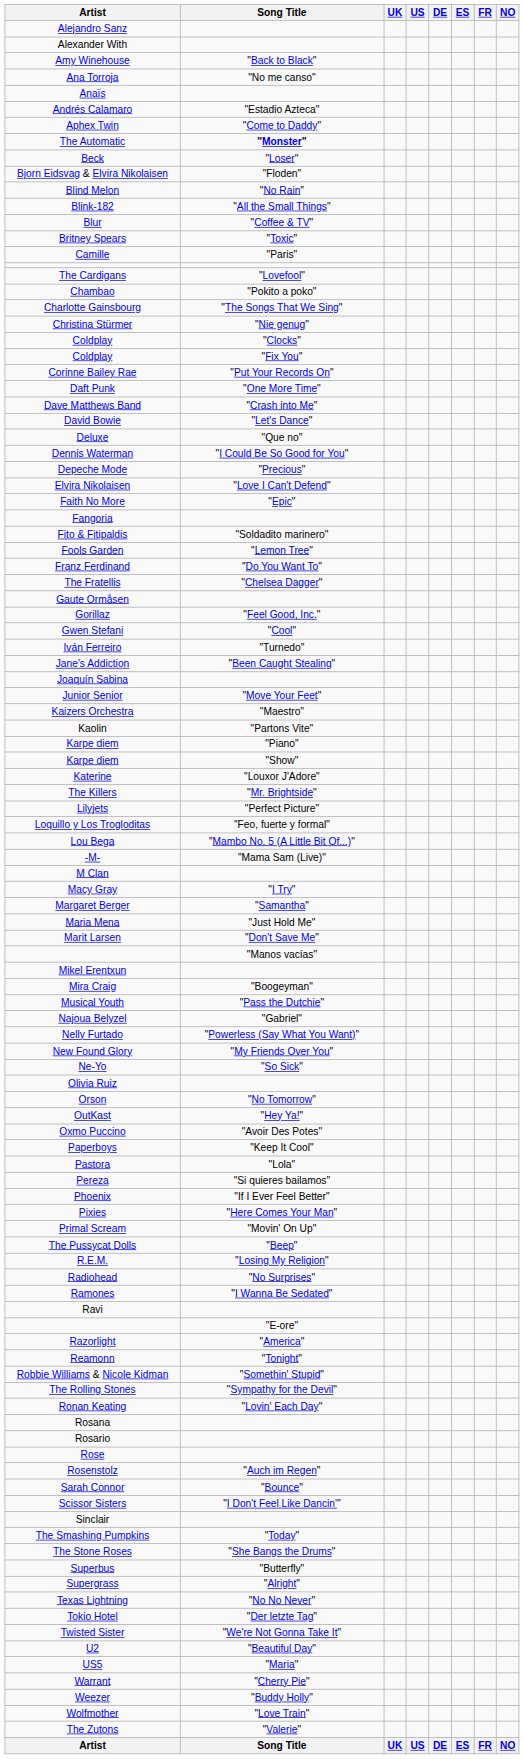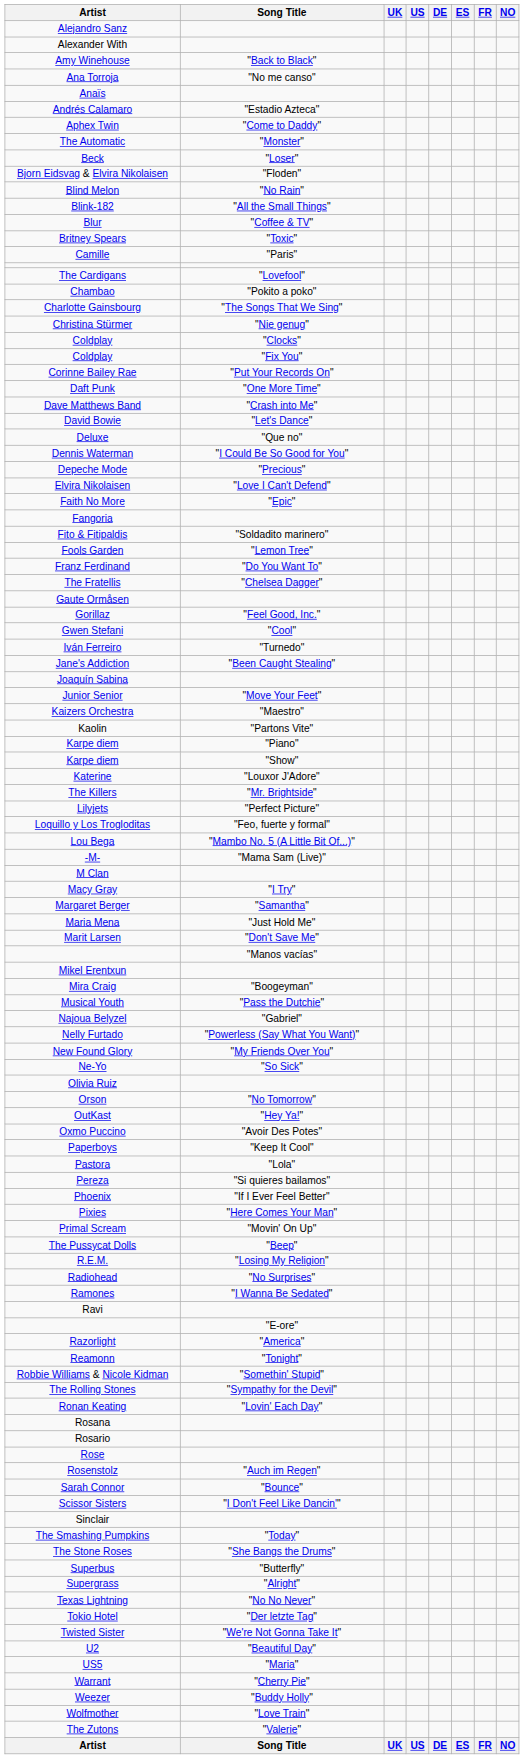 <table class="wikitable sortable" style="font-size:90%; text-align:center; margin: 5px;">
 <tr>
 <th width=240px>Artist</th>
 <th width=280px>Song Title</th>
 <th width=25px><a href='#'>UK</a></th>
 <th width=25px><a href='#'>US</a></th>
 <th width=25px><a href='#'>DE</a></th>
 <th width=25px><a href='#'>ES</a></th>
 <th width=25px><a href='#'>FR</a></th>
 <th width=25px><a href='#'>NO</a></th>
 </tr>
 <tr>
 <td><a href='#'>Alejandro Sanz</a></td>
 <td></td>
 <td></td>
 <td></td>
 <td></td>
 <td></td>
 <td></td>
 <td></td>
 </tr>
 <tr>
 <td>Alexander With</td>
 <td></td>
 <td></td>
 <td></td>
 <td></td>
 <td></td>
 <td></td>
 <td></td>
 </tr>
 <tr>
 <td><a href='#'>Amy Winehouse</a></td>
 <td>"<a href='#'>Back to Black</a>"</td>
 <td></td>
 <td></td>
 <td></td>
 <td></td>
 <td></td>
 <td></td>
 </tr>
 <tr>
 <td><a href='#'>Ana Torroja</a></td>
 <td>"No me canso"</td>
 <td></td>
 <td></td>
 <td></td>
 <td></td>
 <td></td>
 <td></td>
 </tr>
 <tr>
 <td><a href='#'>Anaïs</a></td>
 <td></td>
 <td></td>
 <td></td>
 <td></td>
 <td></td>
 <td></td>
 <td></td>
 </tr>
 <tr>
 <td><a href='#'>Andrés Calamaro</a></td>
 <td>"Estadio Azteca"</td>
 <td></td>
 <td></td>
 <td></td>
 <td></td>
 <td></td>
 <td></td>
 </tr>
 <tr>
 <td><a href='#'>Aphex Twin</a></td>
 <td>"<a href='#'>Come to Daddy</a>"</td>
 <td></td>
 <td></td>
 <td></td>
 <td></td>
 <td></td>
 <td></td>
 </tr>
 <tr>
 <td><a href='#'>The Automatic</a></td>
-<td><strong>"<a href='#'>Monster</a>"</strong></td>
+<td>"<a href='#'>Monster</a>"</td>
 <td></td>
 <td></td>
 <td></td>
 <td></td>
 <td></td>
 <td></td>
 </tr>
 <tr>
 <td><a href='#'>Beck</a></td>
 <td>"<a href='#'>Loser</a>"</td>
 <td></td>
 <td></td>
 <td></td>
 <td></td>
 <td></td>
 <td></td>
 </tr>
 <tr>
 <td><a href='#'>Bjorn Eidsvag</a> & <a href='#'>Elvira Nikolaisen</a></td>
 <td>"Floden"</td>
 <td></td>
 <td></td>
 <td></td>
 <td></td>
 <td></td>
 <td></td>
 </tr>
 <tr>
 <td><a href='#'>Blind Melon</a></td>
 <td>"<a href='#'>No Rain</a>"</td>
 <td></td>
 <td></td>
 <td></td>
 <td></td>
 <td></td>
 <td></td>
 </tr>
 <tr>
 <td><a href='#'>Blink-182</a></td>
 <td>"<a href='#'>All the Small Things</a>"</td>
 <td></td>
 <td></td>
 <td></td>
 <td></td>
 <td></td>
 <td></td>
 </tr>
 <tr>
 <td><a href='#'>Blur</a></td>
 <td>"<a href='#'>Coffee & TV</a>"</td>
 <td></td>
 <td></td>
 <td></td>
 <td></td>
 <td></td>
 <td></td>
 </tr>
 <tr>
 <td><a href='#'>Britney Spears</a></td>
 <td>"<a href='#'>Toxic</a>"</td>
 <td></td>
 <td></td>
 <td></td>
 <td></td>
 <td></td>
 <td></td>
 </tr>
 <tr>
 <td><a href='#'>Camille</a></td>
 <td>"Paris"</td>
 <td></td>
 <td></td>
 <td></td>
 <td></td>
 <td></td>
 <td></td>
 </tr>
 <tr>
 <td></td>
 <td></td>
 <td></td>
 <td></td>
 <td></td>
 <td></td>
 <td></td>
 <td></td>
 </tr>
 <tr>
 <td><a href='#'>The Cardigans</a></td>
 <td>"<a href='#'>Lovefool</a>"</td>
 <td></td>
 <td></td>
 <td></td>
 <td></td>
 <td></td>
 <td></td>
 </tr>
 <tr>
 <td><a href='#'>Chambao</a></td>
 <td>"Pokito a poko"</td>
 <td></td>
 <td></td>
 <td></td>
 <td></td>
 <td></td>
 <td></td>
 </tr>
 <tr>
 <td><a href='#'>Charlotte Gainsbourg</a></td>
 <td>"<a href='#'>The Songs That We Sing</a>"</td>
 <td></td>
 <td></td>
 <td></td>
 <td></td>
 <td></td>
 <td></td>
 </tr>
 <tr>
 <td><a href='#'>Christina Stürmer</a></td>
 <td>"<a href='#'>Nie genug</a>"</td>
 <td></td>
 <td></td>
 <td></td>
 <td></td>
 <td></td>
 <td></td>
 </tr>
 <tr>
 <td><a href='#'>Coldplay</a></td>
 <td>"<a href='#'>Clocks</a>"</td>
 <td></td>
 <td></td>
 <td></td>
 <td></td>
 <td></td>
 <td></td>
 </tr>
 <tr>
 <td><a href='#'>Coldplay</a></td>
 <td>"<a href='#'>Fix You</a>"</td>
 <td></td>
 <td></td>
 <td></td>
 <td></td>
 <td></td>
 <td></td>
 </tr>
 <tr>
 <td><a href='#'>Corinne Bailey Rae</a></td>
 <td>"<a href='#'>Put Your Records On</a>"</td>
 <td></td>
 <td></td>
 <td></td>
 <td></td>
 <td></td>
 <td></td>
 </tr>
 <tr>
 <td><a href='#'>Daft Punk</a></td>
 <td>"<a href='#'>One More Time</a>"</td>
 <td></td>
 <td></td>
 <td></td>
 <td></td>
 <td></td>
 <td></td>
 </tr>
 <tr>
 <td><a href='#'>Dave Matthews Band</a></td>
 <td>"<a href='#'>Crash into Me</a>"</td>
 <td></td>
 <td></td>
 <td></td>
 <td></td>
 <td></td>
 <td></td>
 </tr>
 <tr>
 <td><a href='#'>David Bowie</a></td>
 <td>"<a href='#'>Let's Dance</a>"</td>
 <td></td>
 <td></td>
 <td></td>
 <td></td>
 <td></td>
 <td></td>
 </tr>
 <tr>
 <td><a href='#'>Deluxe</a></td>
 <td>"Que no"</td>
 <td></td>
 <td></td>
 <td></td>
 <td></td>
 <td></td>
 <td></td>
 </tr>
 <tr>
 <td><a href='#'>Dennis Waterman</a></td>
 <td>"<a href='#'>I Could Be So Good for You</a>"</td>
 <td></td>
 <td></td>
 <td></td>
 <td></td>
 <td></td>
 <td></td>
 </tr>
 <tr>
 <td><a href='#'>Depeche Mode</a></td>
 <td>"<a href='#'>Precious</a>"</td>
 <td></td>
 <td></td>
 <td></td>
 <td></td>
 <td></td>
 <td></td>
 </tr>
 <tr>
 <td><a href='#'>Elvira Nikolaisen</a></td>
 <td>"<a href='#'>Love I Can't Defend</a>"</td>
 <td></td>
 <td></td>
 <td></td>
 <td></td>
 <td></td>
 <td></td>
 </tr>
 <tr>
 <td><a href='#'>Faith No More</a></td>
 <td>"<a href='#'>Epic</a>"</td>
 <td></td>
 <td></td>
 <td></td>
 <td></td>
 <td></td>
 <td></td>
 </tr>
 <tr>
 <td><a href='#'>Fangoria</a></td>
 <td></td>
 <td></td>
 <td></td>
 <td></td>
 <td></td>
 <td></td>
 <td></td>
 </tr>
 <tr>
 <td><a href='#'>Fito & Fitipaldis</a></td>
 <td>"Soldadito marinero"</td>
 <td></td>
 <td></td>
 <td></td>
 <td></td>
 <td></td>
 <td></td>
 </tr>
 <tr>
 <td><a href='#'>Fools Garden</a></td>
 <td>"<a href='#'>Lemon Tree</a>"</td>
 <td></td>
 <td></td>
 <td></td>
 <td></td>
 <td></td>
 <td></td>
 </tr>
 <tr>
 <td><a href='#'>Franz Ferdinand</a></td>
 <td>"<a href='#'>Do You Want To</a>"</td>
 <td></td>
 <td></td>
 <td></td>
 <td></td>
 <td></td>
 <td></td>
 </tr>
 <tr>
 <td><a href='#'>The Fratellis</a></td>
 <td>"<a href='#'>Chelsea Dagger</a>"</td>
 <td></td>
 <td></td>
 <td></td>
 <td></td>
 <td></td>
 <td></td>
 </tr>
 <tr>
 <td><a href='#'>Gaute Ormåsen</a></td>
 <td></td>
 <td></td>
 <td></td>
 <td></td>
 <td></td>
 <td></td>
 <td></td>
 </tr>
 <tr>
 <td><a href='#'>Gorillaz</a></td>
 <td>"<a href='#'>Feel Good, Inc.</a>"</td>
 <td></td>
 <td></td>
 <td></td>
 <td></td>
 <td></td>
 <td></td>
 </tr>
 <tr>
 <td><a href='#'>Gwen Stefani</a></td>
 <td>"<a href='#'>Cool</a>"</td>
 <td></td>
 <td></td>
 <td></td>
 <td></td>
 <td></td>
 <td></td>
 </tr>
 <tr>
 <td><a href='#'>Iván Ferreiro</a></td>
 <td>"Turnedo"</td>
 <td></td>
 <td></td>
 <td></td>
 <td></td>
 <td></td>
 <td></td>
 </tr>
 <tr>
 <td><a href='#'>Jane's Addiction</a></td>
 <td>"<a href='#'>Been Caught Stealing</a>"</td>
 <td></td>
 <td></td>
 <td></td>
 <td></td>
 <td></td>
 <td></td>
 </tr>
 <tr>
 <td><a href='#'>Joaquín Sabina</a></td>
 <td></td>
 <td></td>
 <td></td>
 <td></td>
 <td></td>
 <td></td>
 <td></td>
 </tr>
 <tr>
 <td><a href='#'>Junior Senior</a></td>
 <td>"<a href='#'>Move Your Feet</a>"</td>
 <td></td>
 <td></td>
 <td></td>
 <td></td>
 <td></td>
 <td></td>
 </tr>
 <tr>
 <td><a href='#'>Kaizers Orchestra</a></td>
 <td>"Maestro"</td>
 <td></td>
 <td></td>
 <td></td>
 <td></td>
 <td></td>
 <td></td>
 </tr>
 <tr>
 <td>Kaolin</td>
 <td>"Partons Vite"</td>
 <td></td>
 <td></td>
 <td></td>
 <td></td>
 <td></td>
 <td></td>
 </tr>
 <tr>
 <td><a href='#'>Karpe diem</a></td>
 <td>"Piano"</td>
 <td></td>
 <td></td>
 <td></td>
 <td></td>
 <td></td>
 <td></td>
 </tr>
 <tr>
 <td><a href='#'>Karpe diem</a></td>
 <td>"Show"</td>
 <td></td>
 <td></td>
 <td></td>
 <td></td>
 <td></td>
 <td></td>
 </tr>
 <tr>
 <td><a href='#'>Katerine</a></td>
 <td>"Louxor J'Adore"</td>
 <td></td>
 <td></td>
 <td></td>
 <td></td>
 <td></td>
 <td></td>
 </tr>
 <tr>
 <td><a href='#'>The Killers</a></td>
 <td>"<a href='#'>Mr. Brightside</a>"</td>
 <td></td>
 <td></td>
 <td></td>
 <td></td>
 <td></td>
 <td></td>
 </tr>
 <tr>
 <td><a href='#'>Lilyjets</a></td>
 <td>"Perfect Picture"</td>
 <td></td>
 <td></td>
 <td></td>
 <td></td>
 <td></td>
 <td></td>
 </tr>
 <tr>
 <td><a href='#'>Loquillo y Los Trogloditas</a></td>
 <td>"Feo, fuerte y formal"</td>
 <td></td>
 <td></td>
 <td></td>
 <td></td>
 <td></td>
 <td></td>
 </tr>
 <tr>
 <td><a href='#'>Lou Bega</a></td>
 <td>"<a href='#'>Mambo No. 5 (A Little Bit Of...)</a>"</td>
 <td></td>
 <td></td>
 <td></td>
 <td></td>
 <td></td>
 <td></td>
 </tr>
 <tr>
 <td><a href='#'>-M-</a></td>
 <td>"Mama Sam (Live)"</td>
 <td></td>
 <td></td>
 <td></td>
 <td></td>
 <td></td>
 <td></td>
 </tr>
 <tr>
 <td><a href='#'>M Clan</a></td>
 <td></td>
 <td></td>
 <td></td>
 <td></td>
 <td></td>
 <td></td>
 <td></td>
 </tr>
 <tr>
 <td><a href='#'>Macy Gray</a></td>
 <td>"<a href='#'>I Try</a>"</td>
 <td></td>
 <td></td>
 <td></td>
 <td></td>
 <td></td>
 <td></td>
 </tr>
 <tr>
 <td><a href='#'>Margaret Berger</a></td>
 <td>"<a href='#'>Samantha</a>"</td>
 <td></td>
 <td></td>
 <td></td>
 <td></td>
 <td></td>
 <td></td>
 </tr>
 <tr>
 <td><a href='#'>Maria Mena</a></td>
 <td>"Just Hold Me"</td>
 <td></td>
 <td></td>
 <td></td>
 <td></td>
 <td></td>
 <td></td>
 </tr>
 <tr>
 <td><a href='#'>Marit Larsen</a></td>
 <td>"<a href='#'>Don't Save Me</a>"</td>
 <td></td>
 <td></td>
 <td></td>
 <td></td>
 <td></td>
 <td></td>
 </tr>
 <tr>
 <td></td>
 <td>"Manos vacías"</td>
 <td></td>
 <td></td>
 <td></td>
 <td></td>
 <td></td>
 <td></td>
 </tr>
 <tr>
 <td><a href='#'>Mikel Erentxun</a></td>
 <td></td>
 <td></td>
 <td></td>
 <td></td>
 <td></td>
 <td></td>
 <td></td>
 </tr>
 <tr>
 <td><a href='#'>Mira Craig</a></td>
 <td>"Boogeyman"</td>
 <td></td>
 <td></td>
 <td></td>
 <td></td>
 <td></td>
 <td></td>
 </tr>
 <tr>
 <td><a href='#'>Musical Youth</a></td>
 <td>"<a href='#'>Pass the Dutchie</a>"</td>
 <td></td>
 <td></td>
 <td></td>
 <td></td>
 <td></td>
 <td></td>
 </tr>
 <tr>
 <td><a href='#'>Najoua Belyzel</a></td>
 <td>"Gabriel"</td>
 <td></td>
 <td></td>
 <td></td>
 <td></td>
 <td></td>
 <td></td>
 </tr>
 <tr>
 <td><a href='#'>Nelly Furtado</a></td>
 <td>"<a href='#'>Powerless (Say What You Want)</a>"</td>
 <td></td>
 <td></td>
 <td></td>
 <td></td>
 <td></td>
 <td></td>
 </tr>
 <tr>
 <td><a href='#'>New Found Glory</a></td>
 <td>"<a href='#'>My Friends Over You</a>"</td>
 <td></td>
 <td></td>
 <td></td>
 <td></td>
 <td></td>
 <td></td>
 </tr>
 <tr>
 <td><a href='#'>Ne-Yo</a></td>
 <td>"<a href='#'>So Sick</a>"</td>
 <td></td>
 <td></td>
 <td></td>
 <td></td>
 <td></td>
 <td></td>
 </tr>
 <tr>
 <td><a href='#'>Olivia Ruiz</a></td>
 <td></td>
 <td></td>
 <td></td>
 <td></td>
 <td></td>
 <td></td>
 <td></td>
 </tr>
 <tr>
 <td><a href='#'>Orson</a></td>
 <td>"<a href='#'>No Tomorrow</a>"</td>
 <td></td>
 <td></td>
 <td></td>
 <td></td>
 <td></td>
 <td></td>
 </tr>
 <tr>
 <td><a href='#'>OutKast</a></td>
 <td>"<a href='#'>Hey Ya!</a>"</td>
 <td></td>
 <td></td>
 <td></td>
 <td></td>
 <td></td>
 <td></td>
 </tr>
 <tr>
 <td><a href='#'>Oxmo Puccino</a></td>
 <td>"Avoir Des Potes"</td>
 <td></td>
 <td></td>
 <td></td>
 <td></td>
 <td></td>
 <td></td>
 </tr>
 <tr>
 <td><a href='#'>Paperboys</a></td>
 <td>"Keep It Cool"</td>
 <td></td>
 <td></td>
 <td></td>
 <td></td>
 <td></td>
 <td></td>
 </tr>
 <tr>
 <td><a href='#'>Pastora</a></td>
 <td>"Lola"</td>
 <td></td>
 <td></td>
 <td></td>
 <td></td>
 <td></td>
 <td></td>
 </tr>
 <tr>
 <td><a href='#'>Pereza</a></td>
 <td>"Si quieres bailamos"</td>
 <td></td>
 <td></td>
 <td></td>
 <td></td>
 <td></td>
 <td></td>
 </tr>
 <tr>
 <td><a href='#'>Phoenix</a></td>
 <td>"If I Ever Feel Better"</td>
 <td></td>
 <td></td>
 <td></td>
 <td></td>
 <td></td>
 <td></td>
 </tr>
 <tr>
 <td><a href='#'>Pixies</a></td>
 <td>"<a href='#'>Here Comes Your Man</a>"</td>
 <td></td>
 <td></td>
 <td></td>
 <td></td>
 <td></td>
 <td></td>
 </tr>
 <tr>
 <td><a href='#'>Primal Scream</a></td>
 <td>"Movin' On Up"</td>
 <td></td>
 <td></td>
 <td></td>
 <td></td>
 <td></td>
 <td></td>
 </tr>
 <tr>
 <td><a href='#'>The Pussycat Dolls</a></td>
 <td>"<a href='#'>Beep</a>"</td>
 <td></td>
 <td></td>
 <td></td>
 <td></td>
 <td></td>
 <td></td>
 </tr>
 <tr>
 <td><a href='#'>R.E.M.</a></td>
 <td>"<a href='#'>Losing My Religion</a>"</td>
 <td></td>
 <td></td>
 <td></td>
 <td></td>
 <td></td>
 <td></td>
 </tr>
 <tr>
 <td><a href='#'>Radiohead</a></td>
 <td>"<a href='#'>No Surprises</a>"</td>
 <td></td>
 <td></td>
 <td></td>
 <td></td>
 <td></td>
 <td></td>
 </tr>
 <tr>
 <td><a href='#'>Ramones</a></td>
 <td>"<a href='#'>I Wanna Be Sedated</a>"</td>
 <td></td>
 <td></td>
 <td></td>
 <td></td>
 <td></td>
 <td></td>
 </tr>
 <tr>
 <td>Ravi</td>
 <td></td>
 <td></td>
 <td></td>
 <td></td>
 <td></td>
 <td></td>
 <td></td>
 </tr>
 <tr>
 <td></td>
 <td>"E-ore"</td>
 <td></td>
 <td></td>
 <td></td>
 <td></td>
 <td></td>
 <td></td>
 </tr>
 <tr>
 <td><a href='#'>Razorlight</a></td>
 <td>"<a href='#'>America</a>"</td>
 <td></td>
 <td></td>
 <td></td>
 <td></td>
 <td></td>
 <td></td>
 </tr>
 <tr>
 <td><a href='#'>Reamonn</a></td>
 <td>"<a href='#'>Tonight</a>"</td>
 <td></td>
 <td></td>
 <td></td>
 <td></td>
 <td></td>
 <td></td>
 </tr>
 <tr>
 <td><a href='#'>Robbie Williams</a> & <a href='#'>Nicole Kidman</a></td>
 <td>"<a href='#'>Somethin' Stupid</a>"</td>
 <td></td>
 <td></td>
 <td></td>
 <td></td>
 <td></td>
 <td></td>
 </tr>
 <tr>
 <td><a href='#'>The Rolling Stones</a></td>
 <td>"<a href='#'>Sympathy for the Devil</a>"</td>
 <td></td>
 <td></td>
 <td></td>
 <td></td>
 <td></td>
 <td></td>
 </tr>
 <tr>
 <td><a href='#'>Ronan Keating</a></td>
 <td>"<a href='#'>Lovin' Each Day</a>"</td>
 <td></td>
 <td></td>
 <td></td>
 <td></td>
 <td></td>
 <td></td>
 </tr>
 <tr>
 <td>Rosana</td>
 <td></td>
 <td></td>
 <td></td>
 <td></td>
 <td></td>
 <td></td>
 <td></td>
 </tr>
 <tr>
 <td>Rosario</td>
 <td></td>
 <td></td>
 <td></td>
 <td></td>
 <td></td>
 <td></td>
 <td></td>
 </tr>
 <tr>
 <td><a href='#'>Rose</a></td>
 <td></td>
 <td></td>
 <td></td>
 <td></td>
 <td></td>
 <td></td>
 <td></td>
 </tr>
 <tr>
 <td><a href='#'>Rosenstolz</a></td>
 <td>"<a href='#'>Auch im Regen</a>"</td>
 <td></td>
 <td></td>
 <td></td>
 <td></td>
 <td></td>
 <td></td>
 </tr>
 <tr>
 <td><a href='#'>Sarah Connor</a></td>
 <td>"<a href='#'>Bounce</a>"</td>
 <td></td>
 <td></td>
 <td></td>
 <td></td>
 <td></td>
 <td></td>
 </tr>
 <tr>
 <td><a href='#'>Scissor Sisters</a></td>
 <td>"<a href='#'>I Don't Feel Like Dancin'</a>"</td>
 <td></td>
 <td></td>
 <td></td>
 <td></td>
 <td></td>
 <td></td>
 </tr>
 <tr>
 <td>Sinclair</td>
 <td></td>
 <td></td>
 <td></td>
 <td></td>
 <td></td>
 <td></td>
 <td></td>
 </tr>
 <tr>
 <td><a href='#'>The Smashing Pumpkins</a></td>
 <td>"<a href='#'>Today</a>"</td>
 <td></td>
 <td></td>
 <td></td>
 <td></td>
 <td></td>
 <td></td>
 </tr>
 <tr>
 <td><a href='#'>The Stone Roses</a></td>
 <td>"<a href='#'>She Bangs the Drums</a>"</td>
 <td></td>
 <td></td>
 <td></td>
 <td></td>
 <td></td>
 <td></td>
 </tr>
 <tr>
 <td><a href='#'>Superbus</a></td>
 <td>"Butterfly"</td>
 <td></td>
 <td></td>
 <td></td>
 <td></td>
 <td></td>
 <td></td>
 </tr>
 <tr>
 <td><a href='#'>Supergrass</a></td>
 <td>"<a href='#'>Alright</a>"</td>
 <td></td>
 <td></td>
 <td></td>
 <td></td>
 <td></td>
 <td></td>
 </tr>
 <tr>
 <td><a href='#'>Texas Lightning</a></td>
 <td>"<a href='#'>No No Never</a>"</td>
 <td></td>
 <td></td>
 <td></td>
 <td></td>
 <td></td>
 <td></td>
 </tr>
 <tr>
 <td><a href='#'>Tokio Hotel</a></td>
 <td>"<a href='#'>Der letzte Tag</a>"</td>
 <td></td>
 <td></td>
 <td></td>
 <td></td>
 <td></td>
 <td></td>
 </tr>
 <tr>
 <td><a href='#'>Twisted Sister</a></td>
 <td>"<a href='#'>We're Not Gonna Take It</a>"</td>
 <td></td>
 <td></td>
 <td></td>
 <td></td>
 <td></td>
 <td></td>
 </tr>
 <tr>
 <td><a href='#'>U2</a></td>
 <td>"<a href='#'>Beautiful Day</a>"</td>
 <td></td>
 <td></td>
 <td></td>
 <td></td>
 <td></td>
 <td></td>
 </tr>
 <tr>
 <td><a href='#'>US5</a></td>
 <td>"<a href='#'>Maria</a>"</td>
 <td></td>
 <td></td>
 <td></td>
 <td></td>
 <td></td>
 <td></td>
 </tr>
 <tr>
 <td><a href='#'>Warrant</a></td>
 <td>"<a href='#'>Cherry Pie</a>"</td>
 <td></td>
 <td></td>
 <td></td>
 <td></td>
 <td></td>
 <td></td>
 </tr>
 <tr>
 <td><a href='#'>Weezer</a></td>
 <td>"<a href='#'>Buddy Holly</a>"</td>
 <td></td>
 <td></td>
 <td></td>
 <td></td>
 <td></td>
 <td></td>
 </tr>
 <tr>
 <td><a href='#'>Wolfmother</a></td>
 <td>"<a href='#'>Love Train</a>"</td>
 <td></td>
 <td></td>
 <td></td>
 <td></td>
 <td></td>
 <td></td>
 </tr>
 <tr>
 <td><a href='#'>The Zutons</a></td>
 <td>"<a href='#'>Valerie</a>"</td>
 <td></td>
 <td></td>
 <td></td>
 <td></td>
 <td></td>
 <td></td>
 </tr>
 <tr class="sortbottom">
 <th>Artist</th>
 <th>Song Title</th>
 <th><a href='#'>UK</a></th>
 <th><a href='#'>US</a></th>
 <th><a href='#'>DE</a></th>
 <th><a href='#'>ES</a></th>
 <th><a href='#'>FR</a></th>
 <th><a href='#'>NO</a></th>
 </tr>
 </table>
